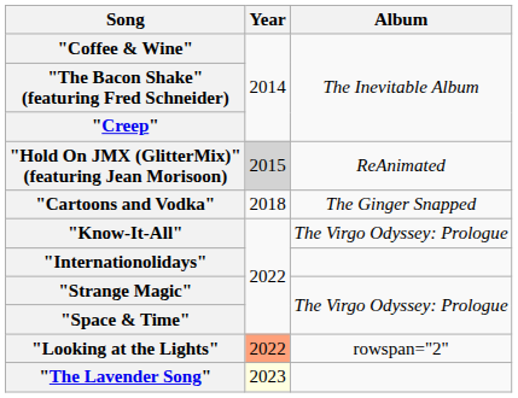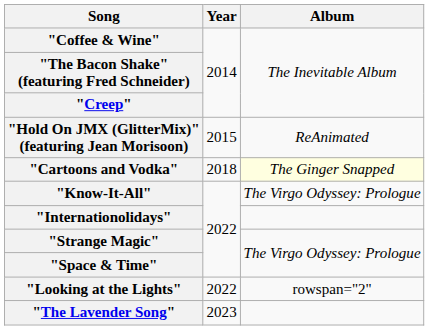 <table class="wikitable plainrowheaders" style="text-align:center;">
 <tr>
 <th>Song</th>
 <th>Year</th>
 <th>Album</th>
 </tr>
 <tr>
 <th scope="row">"Coffee & Wine"</th>
 <td rowspan="3">2014</td>
 <td rowspan="3"><em>The Inevitable Album</em></td>
 </tr>
 <tr>
 <th scope="row">"The Bacon Shake"<br><span>(featuring Fred Schneider)</span></th>
 </tr>
 <tr>
 <th scope="row">"<a href='#'>Creep</a>"</th>
 </tr>
 <tr>
 <th scope="row">"Hold On JMX (GlitterMix)"<br><span>(featuring Jean Morisoon)</span></th>
-<td style="background: lightgrey;">2015</td>
+<td>2015</td>
 <td><em>ReAnimated</em></td>
 </tr>
 <tr>
 <th scope="row">"Cartoons and Vodka"</th>
 <td>2018</td>
-<td><em>The Ginger Snapped</em></td>
+<td style="background: lightyellow;"><em>The Ginger Snapped</em></td>
 </tr>
 <tr>
 <th scope="row">"Know-It-All"</th>
 <td rowspan="4">2022</td>
 <td><em>The Virgo Odyssey: Prologue</em></td>
 </tr>
 <tr>
 <th scope="row">"Internationolidays"<br></th>
 <td></td>
 </tr>
 <tr>
 <th scope="row">"Strange Magic"</th>
 <td rowspan="2"><em>The Virgo Odyssey: Prologue</em></td>
 </tr>
 <tr>
 <th scope="row">"Space & Time"</th>
 </tr>
 <tr>
 <th scope="row">"Looking at the Lights"<br></th>
-<td style="background: lightsalmon;">2022</td>
+<td>2022</td>
 <td>rowspan="2" </td>
 </tr>
 <tr>
 <th scope="row">"<a href='#'>The Lavender Song</a>"</th>
-<td style="background: lightyellow;">2023</td>
+<td>2023</td>
 </tr>
 </table>
